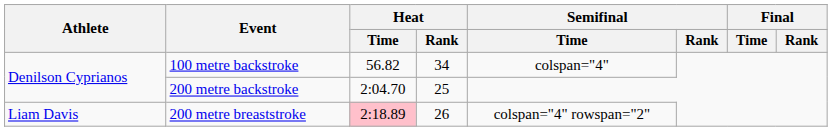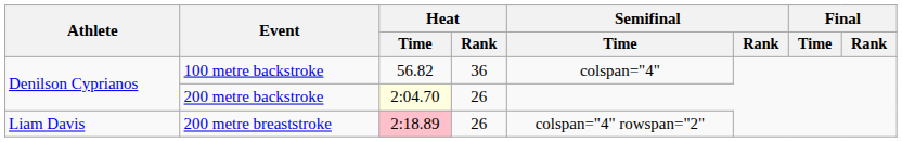 <table class="wikitable" style="text-align:center; font-size:90%; width:50%;">
 <tr>
 <th rowspan="2">Athlete</th>
 <th rowspan="2">Event</th>
 <th colspan="2">Heat</th>
 <th colspan="2">Semifinal</th>
 <th colspan="2">Final</th>
 </tr>
 <tr style="font-size:95%">
 <th>Time</th>
 <th>Rank</th>
 <th>Time</th>
 <th>Rank</th>
 <th>Time</th>
 <th>Rank</th>
 </tr>
 <tr align=center>
 <td align=left rowspan="2"><a href='#'>Denilson Cyprianos</a></td>
 <td align=left><a href='#'>100 metre backstroke</a></td>
 <td>56.82</td>
-<td>34</td>
+<td>36</td>
 <td>colspan="4" </td>
 </tr>
 <tr align=center>
 <td align=left><a href='#'>200 metre backstroke</a></td>
-<td>2:04.70</td>
-<td>25</td>
+<td style="background: lightyellow;">2:04.70</td>
+<td>26</td>
 </tr>
 <tr align=center>
 <td align=left><a href='#'>Liam Davis</a></td>
 <td align=left><a href='#'>200 metre breaststroke</a></td>
 <td style="background: pink;">2:18.89</td>
 <td>26</td>
 <td>colspan="4" rowspan="2"</td>
 </tr>
 </table>
